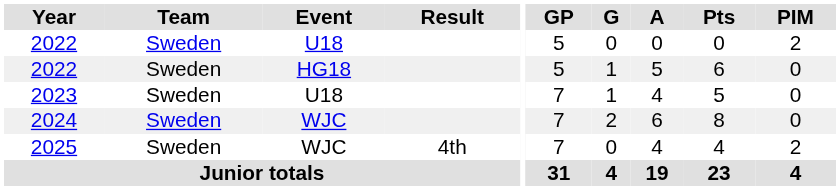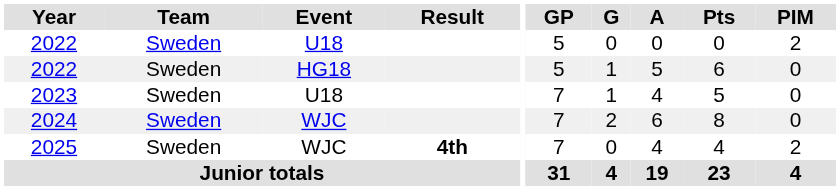 <table border="0" cellpadding="1" cellspacing="0" ID="Table3" style="text-align:center; width:40em">
 <tr ALIGN="center" bgcolor="#e0e0e0">
 <th>Year</th>
 <th>Team</th>
 <th>Event</th>
 <th>Result</th>
 <th rowspan="99" bgcolor="#ffffff"></th>
 <th>GP</th>
 <th>G</th>
 <th>A</th>
 <th>Pts</th>
 <th>PIM</th>
 </tr>
 <tr>
 <td><a href='#'>2022</a></td>
 <td><a href='#'>Sweden</a></td>
 <td><a href='#'>U18</a></td>
 <td></td>
 <td>5</td>
 <td>0</td>
 <td>0</td>
 <td>0</td>
 <td>2</td>
 </tr>
 <tr bgcolor="#f0f0f0">
 <td><a href='#'>2022</a></td>
 <td>Sweden</td>
 <td><a href='#'>HG18</a></td>
 <td></td>
 <td>5</td>
 <td>1</td>
 <td>5</td>
 <td>6</td>
 <td>0</td>
 </tr>
 <tr>
 <td><a href='#'>2023</a></td>
 <td>Sweden</td>
 <td>U18</td>
 <td></td>
 <td>7</td>
 <td>1</td>
 <td>4</td>
 <td>5</td>
 <td>0</td>
 </tr>
 <tr bgcolor="#f0f0f0">
 <td><a href='#'>2024</a></td>
 <td><a href='#'>Sweden</a></td>
 <td><a href='#'>WJC</a></td>
 <td></td>
 <td>7</td>
 <td>2</td>
 <td>6</td>
 <td>8</td>
 <td>0</td>
 </tr>
 <tr>
 <td><a href='#'>2025</a></td>
 <td>Sweden</td>
 <td>WJC</td>
-<td>4th</td>
+<td><strong>4th</strong></td>
 <td>7</td>
 <td>0</td>
 <td>4</td>
 <td>4</td>
 <td>2</td>
 </tr>
 <tr bgcolor="#e0e0e0">
 <th colspan="4">Junior totals</th>
 <th>31</th>
 <th>4</th>
 <th>19</th>
 <th>23</th>
 <th>4</th>
 </tr>
 </table>
